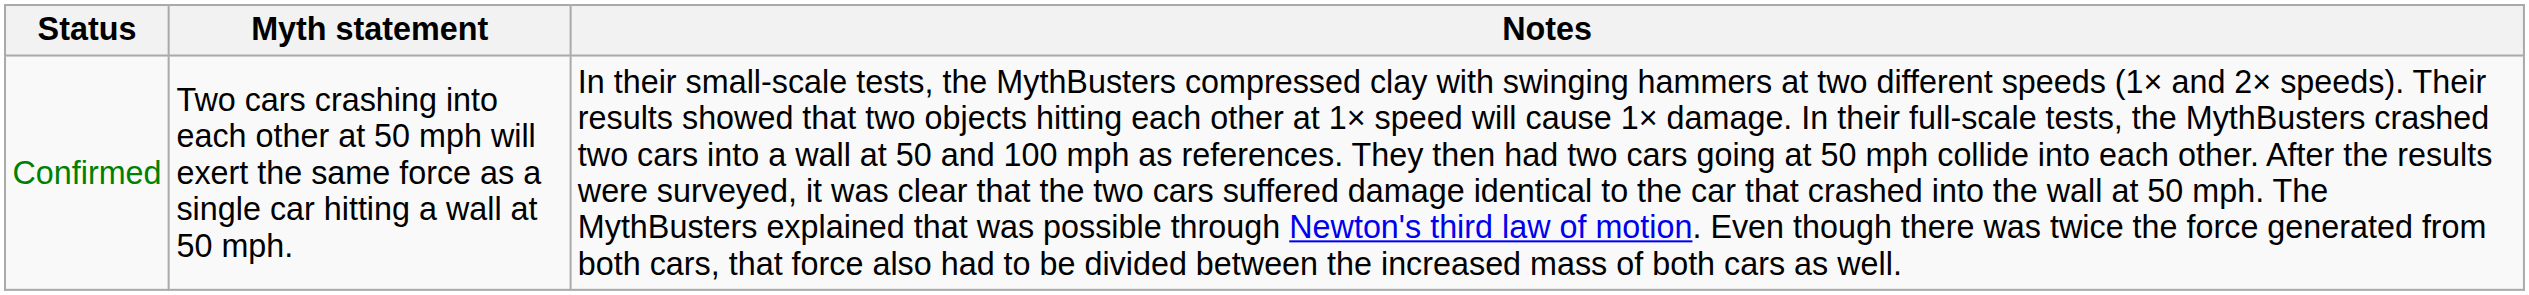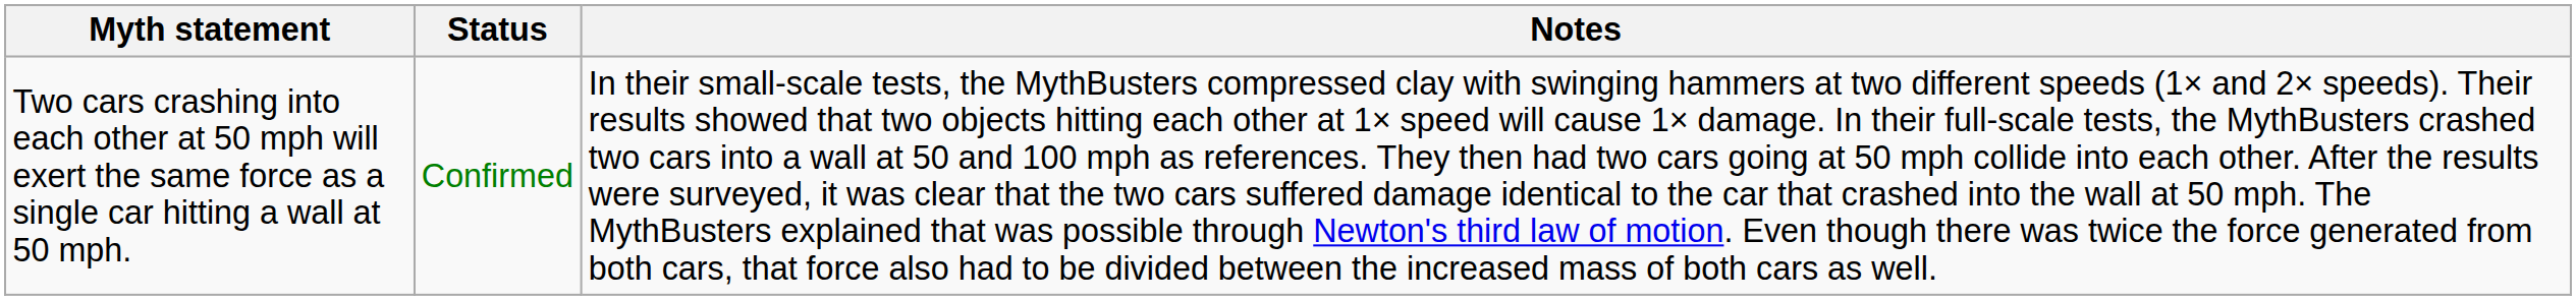 <table class="wikitable plainrowheaders">
 <tr>
+<th>Myth statement</th>
 <th>Status</th>
-<th>Myth statement</th>
 <th>Notes</th>
 </tr>
 <tr>
+<td>Two cars crashing into each other at 50 mph will exert the same force as a single car hitting a wall at 50 mph.</td>
 <td style="color:green">Confirmed</td>
-<td>Two cars crashing into each other at 50 mph will exert the same force as a single car hitting a wall at 50 mph.</td>
 <td>In their small-scale tests, the MythBusters compressed clay with swinging hammers at two different speeds (1× and 2× speeds). Their results showed that two objects hitting each other at 1× speed will cause 1× damage. In their full-scale tests, the MythBusters crashed two cars into a wall at 50 and 100 mph as references. They then had two cars going at 50 mph collide into each other. After the results were surveyed, it was clear that the two cars suffered damage identical to the car that crashed into the wall at 50 mph. The MythBusters explained that was possible through <a href='#'>Newton's third law of motion</a>. Even though there was twice the force generated from both cars, that force also had to be divided between the increased mass of both cars as well.</td>
 </tr>
 </table>
